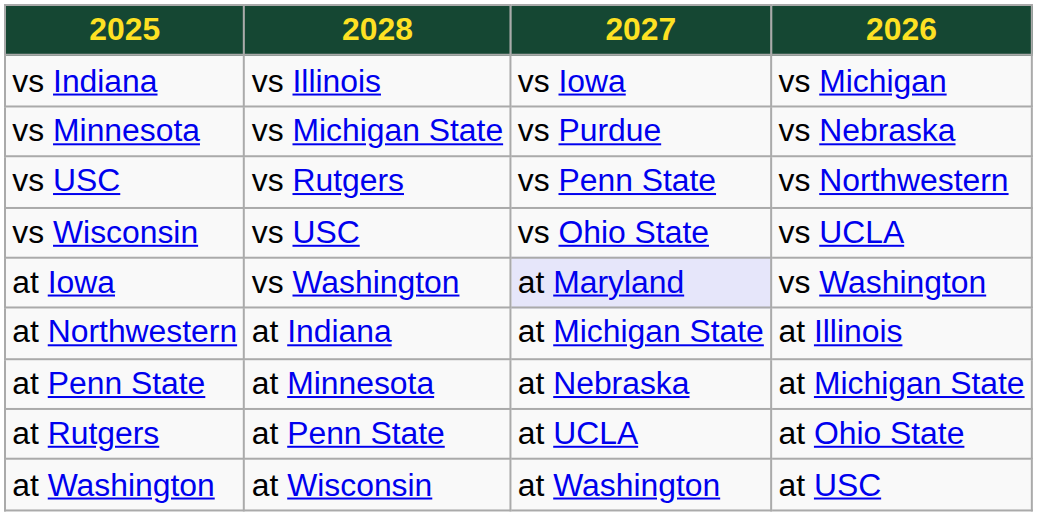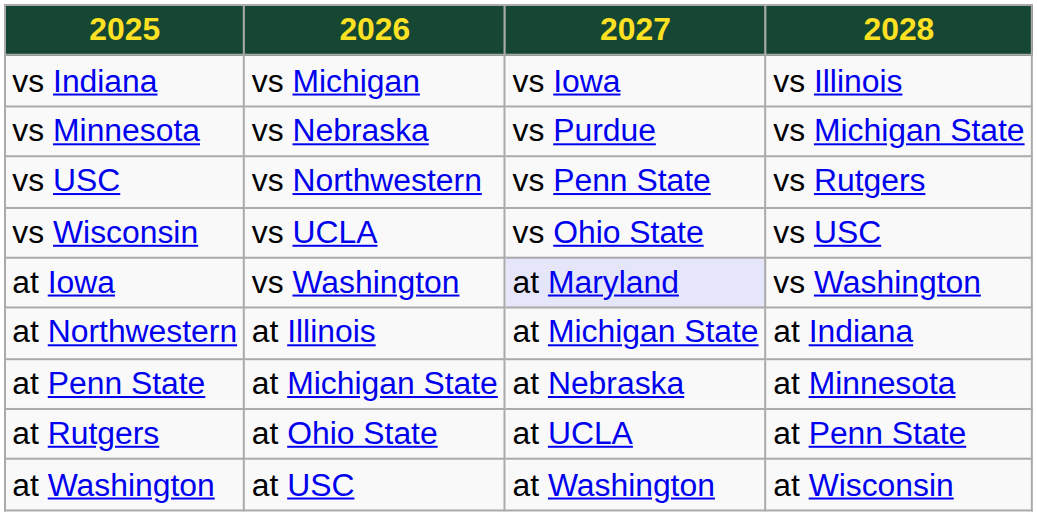 <table class="wikitable sortable">
 <tr>
 <th style="background:#154733; color:#FEE123;">2025</th>
+<th style="background:#154733; color:#FEE123;">2026</th>
+<th style="background:#154733; color:#FEE123;">2027</th>
 <th style="background:#154733; color:#FEE123;">2028</th>
-<th style="background:#154733; color:#FEE123;">2027</th>
-<th style="background:#154733; color:#FEE123;">2026</th>
 </tr>
 <tr>
 <td>vs <a href='#'>Indiana</a></td>
+<td>vs <a href='#'>Michigan</a></td>
+<td>vs <a href='#'>Iowa</a></td>
 <td>vs <a href='#'>Illinois</a></td>
-<td>vs <a href='#'>Iowa</a></td>
-<td>vs <a href='#'>Michigan</a></td>
 </tr>
 <tr>
 <td>vs <a href='#'>Minnesota</a></td>
+<td>vs <a href='#'>Nebraska</a></td>
+<td>vs <a href='#'>Purdue</a></td>
 <td>vs <a href='#'>Michigan State</a></td>
-<td>vs <a href='#'>Purdue</a></td>
-<td>vs <a href='#'>Nebraska</a></td>
 </tr>
 <tr>
 <td>vs <a href='#'>USC</a></td>
+<td>vs <a href='#'>Northwestern</a></td>
+<td>vs <a href='#'>Penn State</a></td>
 <td>vs <a href='#'>Rutgers</a></td>
-<td>vs <a href='#'>Penn State</a></td>
-<td>vs <a href='#'>Northwestern</a></td>
 </tr>
 <tr>
 <td>vs <a href='#'>Wisconsin</a></td>
+<td>vs <a href='#'>UCLA</a></td>
+<td>vs <a href='#'>Ohio State</a></td>
 <td>vs <a href='#'>USC</a></td>
-<td>vs <a href='#'>Ohio State</a></td>
-<td>vs <a href='#'>UCLA</a></td>
 </tr>
 <tr>
 <td>at <a href='#'>Iowa</a></td>
 <td>vs <a href='#'>Washington</a></td>
 <td style="background: lavender;">at <a href='#'>Maryland</a></td>
 <td>vs <a href='#'>Washington</a></td>
 </tr>
 <tr>
 <td>at <a href='#'>Northwestern</a></td>
+<td>at <a href='#'>Illinois</a></td>
+<td>at <a href='#'>Michigan State</a></td>
 <td>at <a href='#'>Indiana</a></td>
-<td>at <a href='#'>Michigan State</a></td>
-<td>at <a href='#'>Illinois</a></td>
 </tr>
 <tr>
 <td>at <a href='#'>Penn State</a></td>
+<td>at <a href='#'>Michigan State</a></td>
+<td>at <a href='#'>Nebraska</a></td>
 <td>at <a href='#'>Minnesota</a></td>
-<td>at <a href='#'>Nebraska</a></td>
-<td>at <a href='#'>Michigan State</a></td>
 </tr>
 <tr>
 <td>at <a href='#'>Rutgers</a></td>
+<td>at <a href='#'>Ohio State</a></td>
+<td>at <a href='#'>UCLA</a></td>
 <td>at <a href='#'>Penn State</a></td>
-<td>at <a href='#'>UCLA</a></td>
-<td>at <a href='#'>Ohio State</a></td>
 </tr>
 <tr>
 <td>at <a href='#'>Washington</a></td>
+<td>at <a href='#'>USC</a></td>
+<td>at <a href='#'>Washington</a></td>
 <td>at <a href='#'>Wisconsin</a></td>
-<td>at <a href='#'>Washington</a></td>
-<td>at <a href='#'>USC</a></td>
 </tr>
 </table>
